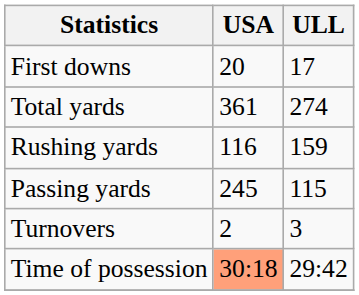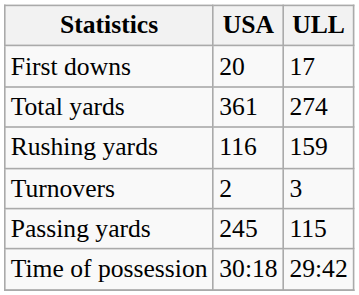 <table class="wikitable" style="float: left;">
 <tr>
 <th>Statistics</th>
 <th>USA</th>
 <th>ULL</th>
 </tr>
 <tr>
 <td>First downs</td>
 <td>20</td>
 <td>17</td>
 </tr>
 <tr>
 <td>Total yards</td>
 <td>361</td>
 <td>274</td>
 </tr>
 <tr>
 <td>Rushing yards</td>
 <td>116</td>
 <td>159</td>
 </tr>
 <tr>
+<td>Turnovers</td>
+<td>2</td>
+<td>3</td>
+</tr>
+<tr>
 <td>Passing yards</td>
 <td>245</td>
 <td>115</td>
 </tr>
 <tr>
-<td>Turnovers</td>
-<td>2</td>
-<td>3</td>
-</tr>
-<tr>
 <td>Time of possession</td>
-<td style="background: lightsalmon;">30:18</td>
+<td>30:18</td>
 <td>29:42</td>
 </tr>
 <tr>
 </tr>
 </table>
